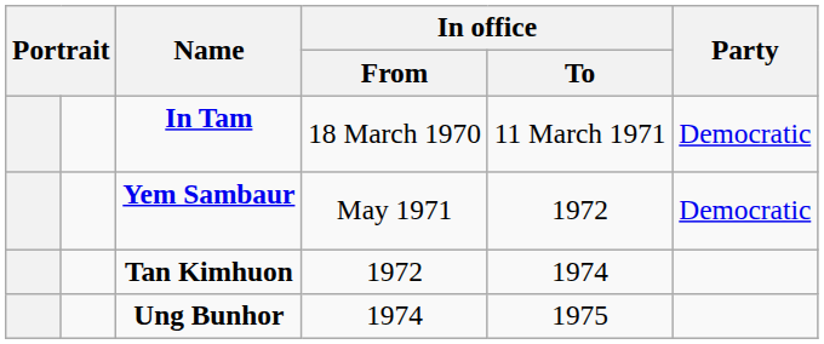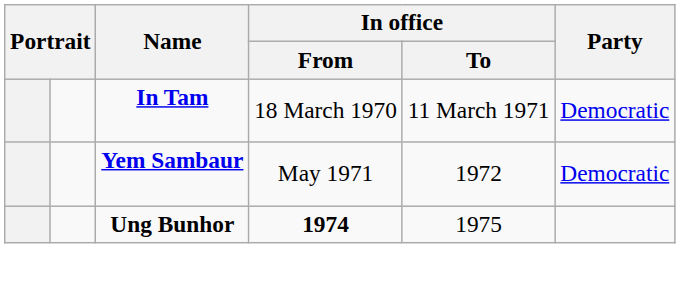 <table class="wikitable" style="text-align:center; border:1px">
 <tr>
 <th colspan="2" rowspan="2">Portrait</th>
 <th rowspan="2">Name<br></th>
 <th colspan="2">In office</th>
 <th rowspan="2">Party</th>
 </tr>
 <tr>
 <th>From</th>
 <th>To</th>
 </tr>
 <tr>
 <th style="background-color:"></th>
 <td></td>
 <td><strong><a href='#'>In Tam</a></strong><br><br></td>
 <td>18 March 1970</td>
 <td>11 March 1971</td>
 <td><a href='#'>Democratic</a></td>
 </tr>
 <tr>
 <th style="background-color:"></th>
 <td></td>
 <td><strong><a href='#'>Yem Sambaur</a></strong><br><br></td>
 <td>May 1971</td>
 <td>1972</td>
 <td><a href='#'>Democratic</a></td>
 </tr>
 <tr>
 <th style="background-color:none"></th>
 <td></td>
-<td><strong>Tan Kimhuon</strong><br></td>
-<td>1972</td>
-<td>1974</td>
-<td></td>
-</tr>
-<tr>
-<th style="background-color:none"></th>
-<td></td>
 <td><strong>Ung Bunhor</strong><br></td>
-<td>1974</td>
+<td><strong>1974</strong></td>
 <td>1975</td>
 <td></td>
 </tr>
 <tr>
 </tr>
 </table>
